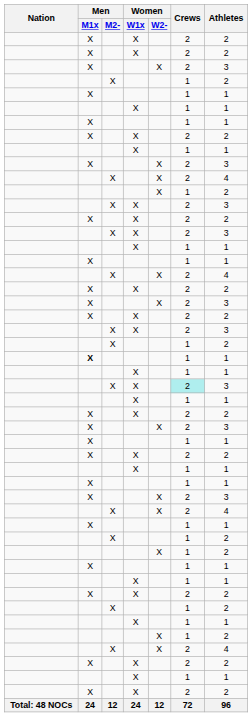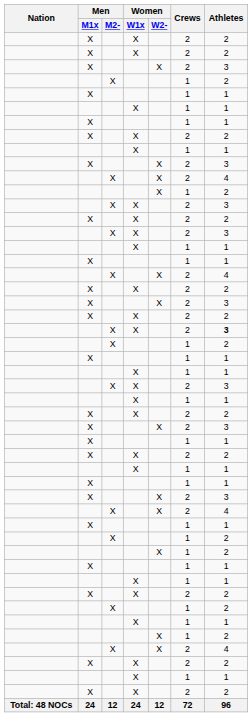 <table class="wikitable" width=400 style="text-align:center; font-size:90%">
 <tr>
 <th rowspan="2" align="left">Nation</th>
 <th colspan="2">Men</th>
 <th colspan="2">Women</th>
 <th rowspan="2">Crews</th>
 <th rowspan=2>Athletes</th>
 </tr>
 <tr>
 <th><a href='#'>M1x</a></th>
 <th><a href='#'>M2-</a></th>
 <th><a href='#'>W1x</a></th>
 <th><a href='#'>W2-</a></th>
 </tr>
 <tr>
 <td align=left></td>
 <td>X</td>
 <td></td>
 <td>X</td>
 <td></td>
 <td>2</td>
 <td>2</td>
 </tr>
 <tr>
 <td align=left></td>
 <td>X</td>
 <td></td>
 <td>X</td>
 <td></td>
 <td>2</td>
 <td>2</td>
 </tr>
 <tr>
 <td align=left></td>
 <td>X</td>
 <td></td>
 <td></td>
 <td>X</td>
 <td>2</td>
 <td>3</td>
 </tr>
 <tr>
 <td align=left></td>
 <td></td>
 <td>X</td>
 <td></td>
 <td></td>
 <td>1</td>
 <td>2</td>
 </tr>
 <tr>
 <td align=left></td>
 <td>X</td>
 <td></td>
 <td></td>
 <td></td>
 <td>1</td>
 <td>1</td>
 </tr>
 <tr>
 <td align=left></td>
 <td></td>
 <td></td>
 <td>X</td>
 <td></td>
 <td>1</td>
 <td>1</td>
 </tr>
 <tr>
 <td align=left></td>
 <td>X</td>
 <td></td>
 <td></td>
 <td></td>
 <td>1</td>
 <td>1</td>
 </tr>
 <tr>
 <td align=left></td>
 <td>X</td>
 <td></td>
 <td>X</td>
 <td></td>
 <td>2</td>
 <td>2</td>
 </tr>
 <tr>
 <td align=left></td>
 <td></td>
 <td></td>
 <td>X</td>
 <td></td>
 <td>1</td>
 <td>1</td>
 </tr>
 <tr>
 <td align=left></td>
 <td>X</td>
 <td></td>
 <td></td>
 <td>X</td>
 <td>2</td>
 <td>3</td>
 </tr>
 <tr>
 <td align=left></td>
 <td></td>
 <td>X</td>
 <td></td>
 <td>X</td>
 <td>2</td>
 <td>4</td>
 </tr>
 <tr>
 <td align=left></td>
 <td></td>
 <td></td>
 <td></td>
 <td>X</td>
 <td>1</td>
 <td>2</td>
 </tr>
 <tr>
 <td align=left></td>
 <td></td>
 <td>X</td>
 <td>X</td>
 <td></td>
 <td>2</td>
 <td>3</td>
 </tr>
 <tr>
 <td align=left></td>
 <td>X</td>
 <td></td>
 <td>X</td>
 <td></td>
 <td>2</td>
 <td>2</td>
 </tr>
 <tr>
 <td align=left></td>
 <td></td>
 <td>X</td>
 <td>X</td>
 <td></td>
 <td>2</td>
 <td>3</td>
 </tr>
 <tr>
 <td align=left></td>
 <td></td>
 <td></td>
 <td>X</td>
 <td></td>
 <td>1</td>
 <td>1</td>
 </tr>
 <tr>
 <td align=left></td>
 <td>X</td>
 <td></td>
 <td></td>
 <td></td>
 <td>1</td>
 <td>1</td>
 </tr>
 <tr>
 <td align=left></td>
 <td></td>
 <td>X</td>
 <td></td>
 <td>X</td>
 <td>2</td>
 <td>4</td>
 </tr>
 <tr>
 <td align=left></td>
 <td>X</td>
 <td></td>
 <td>X</td>
 <td></td>
 <td>2</td>
 <td>2</td>
 </tr>
 <tr>
 <td align=left></td>
 <td>X</td>
 <td></td>
 <td></td>
 <td>X</td>
 <td>2</td>
 <td>3</td>
 </tr>
 <tr>
 <td align=left></td>
 <td>X</td>
 <td></td>
 <td>X</td>
 <td></td>
 <td>2</td>
 <td>2</td>
 </tr>
 <tr>
 <td align=left></td>
 <td></td>
 <td>X</td>
 <td>X</td>
 <td></td>
 <td>2</td>
-<td>3</td>
+<td><strong>3</strong></td>
 </tr>
 <tr>
 <td align=left></td>
 <td></td>
 <td>X</td>
 <td></td>
 <td></td>
 <td>1</td>
 <td>2</td>
 </tr>
 <tr>
 <td align=left></td>
-<td><strong>X</strong></td>
+<td>X</td>
 <td></td>
 <td></td>
 <td></td>
 <td>1</td>
 <td>1</td>
 </tr>
 <tr>
 <td align=left></td>
 <td></td>
 <td></td>
 <td>X</td>
 <td></td>
 <td>1</td>
 <td>1</td>
 </tr>
 <tr>
 <td align=left></td>
 <td></td>
 <td>X</td>
 <td>X</td>
 <td></td>
-<td style="background: paleturquoise;">2</td>
+<td>2</td>
 <td>3</td>
 </tr>
 <tr>
 <td align=left></td>
 <td></td>
 <td></td>
 <td>X</td>
 <td></td>
 <td>1</td>
 <td>1</td>
 </tr>
 <tr>
 <td align=left></td>
 <td>X</td>
 <td></td>
 <td>X</td>
 <td></td>
 <td>2</td>
 <td>2</td>
 </tr>
 <tr>
 <td align=left></td>
 <td>X</td>
 <td></td>
 <td></td>
 <td>X</td>
 <td>2</td>
 <td>3</td>
 </tr>
 <tr>
 <td align=left></td>
 <td>X</td>
 <td></td>
 <td></td>
 <td></td>
 <td>1</td>
 <td>1</td>
 </tr>
 <tr>
 <td align=left></td>
 <td>X</td>
 <td></td>
 <td>X</td>
 <td></td>
 <td>2</td>
 <td>2</td>
 </tr>
 <tr>
 <td align=left></td>
 <td></td>
 <td></td>
 <td>X</td>
 <td></td>
 <td>1</td>
 <td>1</td>
 </tr>
 <tr>
 <td align=left></td>
 <td>X</td>
 <td></td>
 <td></td>
 <td></td>
 <td>1</td>
 <td>1</td>
 </tr>
 <tr>
 <td align=left></td>
 <td>X</td>
 <td></td>
 <td></td>
 <td>X</td>
 <td>2</td>
 <td>3</td>
 </tr>
 <tr>
 <td align=left></td>
 <td></td>
 <td>X</td>
 <td></td>
 <td>X</td>
 <td>2</td>
 <td>4</td>
 </tr>
 <tr>
 <td align=left></td>
 <td>X</td>
 <td></td>
 <td></td>
 <td></td>
 <td>1</td>
 <td>1</td>
 </tr>
 <tr>
 <td align=left></td>
 <td></td>
 <td>X</td>
 <td></td>
 <td></td>
 <td>1</td>
 <td>2</td>
 </tr>
 <tr>
 <td align=left></td>
 <td></td>
 <td></td>
 <td></td>
 <td>X</td>
 <td>1</td>
 <td>2</td>
 </tr>
 <tr>
 <td align=left></td>
 <td>X</td>
 <td></td>
 <td></td>
 <td></td>
 <td>1</td>
 <td>1</td>
 </tr>
 <tr>
 <td align=left></td>
 <td></td>
 <td></td>
 <td>X</td>
 <td></td>
 <td>1</td>
 <td>1</td>
 </tr>
 <tr>
 <td align=left></td>
 <td>X</td>
 <td></td>
 <td>X</td>
 <td></td>
 <td>2</td>
 <td>2</td>
 </tr>
 <tr>
 <td align=left></td>
 <td></td>
 <td>X</td>
 <td></td>
 <td></td>
 <td>1</td>
 <td>2</td>
 </tr>
 <tr>
 <td align=left></td>
 <td></td>
 <td></td>
 <td>X</td>
 <td></td>
 <td>1</td>
 <td>1</td>
 </tr>
 <tr>
 <td align=left></td>
 <td></td>
 <td></td>
 <td></td>
 <td>X</td>
 <td>1</td>
 <td>2</td>
 </tr>
 <tr>
 <td align=left></td>
 <td></td>
 <td>X</td>
 <td></td>
 <td>X</td>
 <td>2</td>
 <td>4</td>
 </tr>
 <tr>
 <td align=left></td>
 <td>X</td>
 <td></td>
 <td>X</td>
 <td></td>
 <td>2</td>
 <td>2</td>
 </tr>
 <tr>
 <td align=left></td>
 <td></td>
 <td></td>
 <td>X</td>
 <td></td>
 <td>1</td>
 <td>1</td>
 </tr>
 <tr>
 <td align=left></td>
 <td>X</td>
 <td></td>
 <td>X</td>
 <td></td>
 <td>2</td>
 <td>2</td>
 </tr>
 <tr>
 <th>Total: 48 NOCs</th>
 <th>24</th>
 <th>12</th>
 <th>24</th>
 <th>12</th>
 <th>72</th>
 <th>96</th>
 </tr>
 </table>
